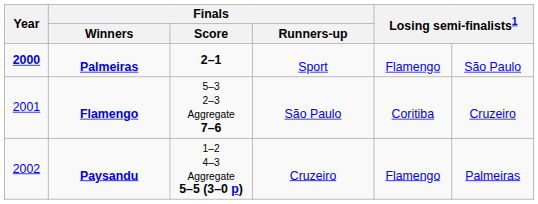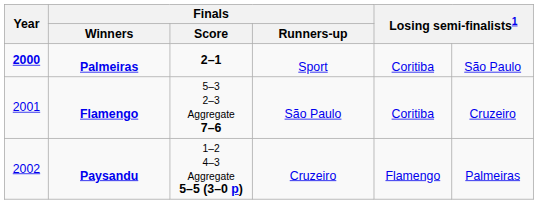 <table class="wikitable" style="text-align: center;">
 <tr>
 <th rowspan=2 width=50>Year</th>
 <th colspan=3>Finals</th>
 <th colspan=3 rowspan=2 width=200>Losing semi-finalists<sup><a href='#'>1</a></sup></th>
 </tr>
 <tr>
 <th width=150>Winners</th>
 <th width=100>Score</th>
 <th width=150>Runners-up</th>
 </tr>
 <tr>
 <td><strong><a href='#'>2000</a></strong></td>
 <td><strong><br><a href='#'>Palmeiras</a></strong></td>
 <td><strong>2–1</strong></td>
 <td><br><a href='#'>Sport</a></td>
-<td><br><a href='#'>Flamengo</a></td>
+<td><br><a href='#'>Coritiba</a></td>
 <td><br><a href='#'>São Paulo</a></td>
 </tr>
 <tr>
 <td><a href='#'>2001</a></td>
 <td><strong><br><a href='#'>Flamengo</a></strong></td>
 <td><small>5–3<br>2–3<br>Aggregate</small><br><strong>7–6</strong></td>
 <td><br><a href='#'>São Paulo</a></td>
 <td><br><a href='#'>Coritiba</a></td>
 <td><br><a href='#'>Cruzeiro</a></td>
 </tr>
 <tr>
 <td><a href='#'>2002</a></td>
 <td><strong><br><a href='#'>Paysandu</a></strong></td>
 <td><small>1–2<br>4–3<br>Aggregate</small><br><strong>5–5 (3–0 <a href='#'>p</a>)</strong></td>
 <td><br><a href='#'>Cruzeiro</a></td>
 <td><br><a href='#'>Flamengo</a></td>
 <td><br><a href='#'>Palmeiras</a></td>
 </tr>
 </table>
